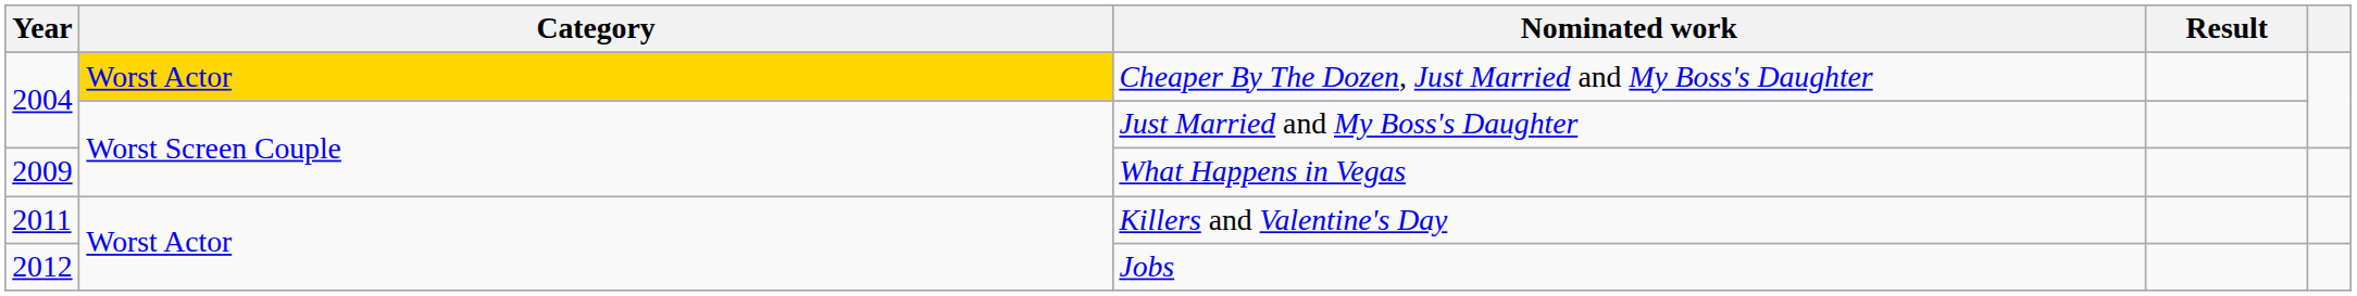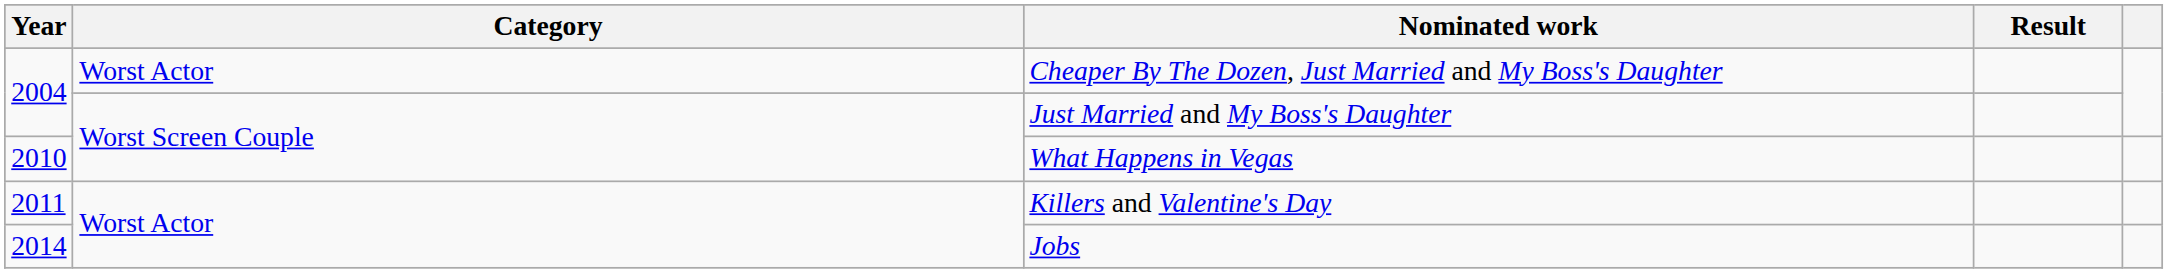 <table class="wikitable">
 <tr>
 <th scope="col" style="width:1em;">Year</th>
 <th scope="col" style="width:35em;">Category</th>
 <th scope="col" style="width:35em;">Nominated work</th>
 <th scope="col" style="width:5em;">Result</th>
 <th scope="col" style="width:1em;"></th>
 </tr>
 <tr>
 <td rowspan="2"><a href='#'>2004</a></td>
-<td style="background: gold;"><a href='#'>Worst Actor</a></td>
+<td><a href='#'>Worst Actor</a></td>
 <td><em><a href='#'>Cheaper By The Dozen</a></em>, <em><a href='#'>Just Married</a></em> and <em><a href='#'>My Boss's Daughter</a></em></td>
 <td></td>
 <td style="text-align:center;" rowspan="2"></td>
 </tr>
 <tr>
 <td rowspan="2"><a href='#'>Worst Screen Couple</a></td>
 <td><em><a href='#'>Just Married</a></em> and <em><a href='#'>My Boss's Daughter</a></em></td>
 <td></td>
 </tr>
 <tr>
-<td><a href='#'>2009</a></td>
+<td><a href='#'>2010</a></td>
 <td><em><a href='#'>What Happens in Vegas</a></em></td>
 <td></td>
 <td style="text-align:center;"></td>
 </tr>
 <tr>
 <td><a href='#'>2011</a></td>
 <td rowspan="2"><a href='#'>Worst Actor</a></td>
 <td><em><a href='#'>Killers</a></em> and <em><a href='#'>Valentine's Day</a></em></td>
 <td></td>
 <td style="text-align:center;"></td>
 </tr>
 <tr>
-<td><a href='#'>2012</a></td>
+<td><a href='#'>2014</a></td>
 <td><em><a href='#'>Jobs</a></em></td>
 <td></td>
 <td style="text-align:center;"></td>
 </tr>
 </table>
